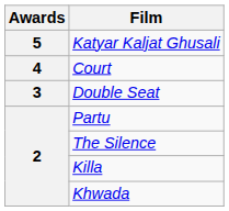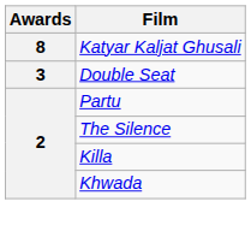 <table class="wikitable" style="display:inline-table;">
 <tr>
 <th>Awards</th>
 <th>Film</th>
 </tr>
 <tr>
-<th scope="row">5</th>
+<th scope="row">8</th>
 <td><em><a href='#'>Katyar Kaljat Ghusali</a></em></td>
-</tr>
-<tr>
-<th>4</th>
-<td><em><a href='#'>Court</a></em></td>
 </tr>
 <tr>
 <th>3</th>
 <td><em><a href='#'>Double Seat</a></em></td>
 </tr>
 <tr>
 <th rowspan="4">2</th>
 <td><em><a href='#'>Partu</a></em></td>
 </tr>
 <tr>
 <td><em><a href='#'>The Silence</a></em></td>
 </tr>
 <tr>
 <td><em><a href='#'>Killa</a></em></td>
 </tr>
 <tr>
 <td><em><a href='#'>Khwada</a></em></td>
 </tr>
 </table>
